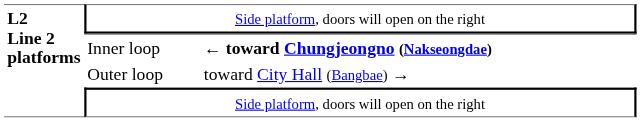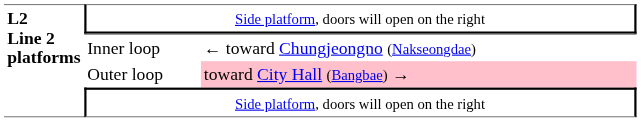 <table table border=0 cellspacing=0 cellpadding=3>
 <tr>
 <td style="border-top:solid 1px gray;border-bottom:solid 1px gray;" width=50 rowspan=10 valign=top><strong>L2<br>Line 2 platforms</strong></td>
 <td style="border-top:solid 1px gray;border-right:solid 2px black;border-left:solid 2px black;border-bottom:solid 2px black;text-align:center;" colspan=2><small><a href='#'>Side platform</a>, doors will open on the right </small></td>
 </tr>
 <tr>
 <td style="border-bottom:solid 0px gray;border-top:solid 1px gray;" width=100>Inner loop</td>
-<td style="border-bottom:solid 0px gray;border-top:solid 1px gray;" width=390><strong>←  toward <a href='#'>Chungjeongno</a> <small>(<a href='#'>Nakseongdae</a>)</small></strong></td>
+<td style="border-bottom:solid 0px gray;border-top:solid 1px gray;" width=390>←  toward <a href='#'>Chungjeongno</a> <small>(<a href='#'>Nakseongdae</a>)</small></td>
 </tr>
 <tr>
 <td>Outer loop</td>
-<td>  toward <a href='#'>City Hall</a> <small>(<a href='#'>Bangbae</a>)</small> →</td>
+<td style="background: pink;">  toward <a href='#'>City Hall</a> <small>(<a href='#'>Bangbae</a>)</small> →</td>
 </tr>
 <tr>
 <td style="border-top:solid 2px black;border-right:solid 2px black;border-left:solid 2px black;border-bottom:solid 1px gray;text-align:center;" colspan=2><small><a href='#'>Side platform</a>, doors will open on the right </small></td>
 </tr>
 </table>
